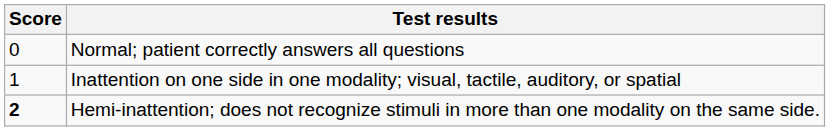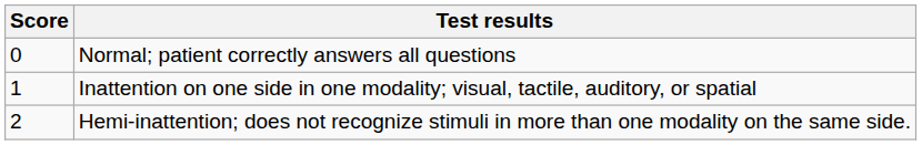 <table class="wikitable">
 <tr>
 <th>Score</th>
 <th>Test results</th>
 </tr>
 <tr>
 <td>0</td>
 <td>Normal; patient correctly answers all questions</td>
 </tr>
 <tr>
 <td>1</td>
 <td>Inattention on one side in one modality; visual, tactile, auditory, or spatial</td>
 </tr>
 <tr>
-<td><strong>2</strong></td>
+<td>2</td>
 <td>Hemi-inattention; does not recognize stimuli in more than one modality on the same side.</td>
 </tr>
 </table>
